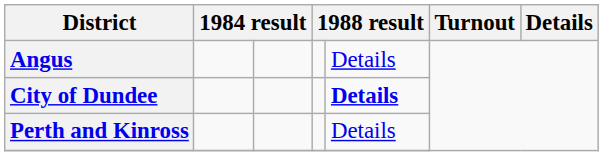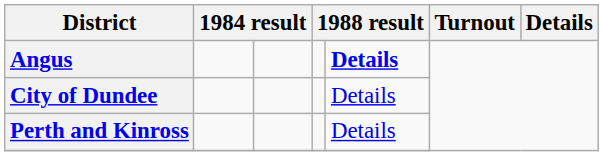 <table class="wikitable">
 <tr>
 <th scope="col">District</th>
 <th scope="col" colspan="2">1984 result</th>
 <th scope="col" colspan="2">1988 result</th>
 <th scope="col">Turnout</th>
 <th scope="col">Details</th>
 </tr>
 <tr>
 <th scope="row" style="text-align: left;"><a href='#'>Angus</a></th>
 <td></td>
 <td></td>
 <td></td>
-<td><a href='#'>Details</a></td>
+<td><strong><a href='#'>Details</a></strong></td>
 </tr>
 <tr>
 <th scope="row" style="text-align: left;"><a href='#'>City of Dundee</a></th>
 <td></td>
 <td></td>
 <td></td>
-<td><strong><a href='#'>Details</a></strong></td>
+<td><a href='#'>Details</a></td>
 </tr>
 <tr>
 <th scope="row" style="text-align: left;"><a href='#'>Perth and Kinross</a></th>
 <td></td>
 <td></td>
 <td></td>
 <td><a href='#'>Details</a></td>
 </tr>
 <tr>
 </tr>
 </table>
